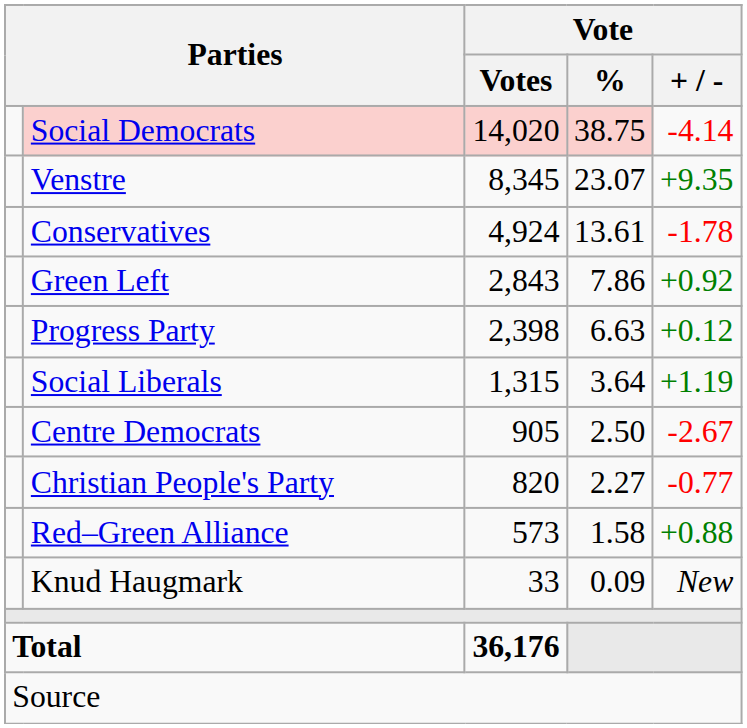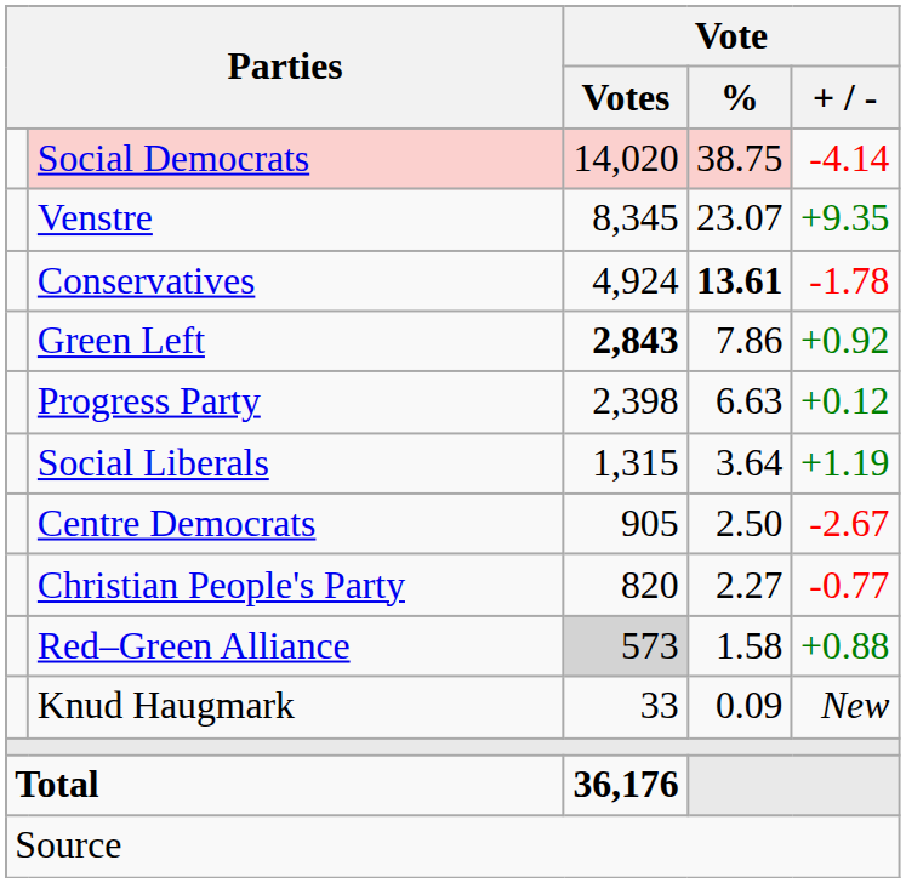 <table class="wikitable" style="text-align:right;">
 <tr>
 <th style="text-align:centre;" rowspan="2" colspan="2" width="225">Parties</th>
 <th colspan="3">Vote</th>
 </tr>
 <tr>
 <th width="15">Votes</th>
 <th width="15">%</th>
 <th width="15">+ / -</th>
 </tr>
 <tr>
 <td width="2" style="color:inherit;background:"></td>
 <td bgcolor=#fbd0ce  align="left"><a href='#'>Social Democrats</a></td>
 <td bgcolor=#fbd0ce>14,020</td>
 <td bgcolor=#fbd0ce>38.75</td>
 <td style=color:red;>-4.14</td>
 </tr>
 <tr>
 <td width="2" style="color:inherit;background:"></td>
 <td align="left"><a href='#'>Venstre</a></td>
 <td>8,345</td>
 <td>23.07</td>
 <td style=color:green;>+9.35</td>
 </tr>
 <tr>
 <td width="2" style="color:inherit;background:"></td>
 <td align="left"><a href='#'>Conservatives</a></td>
 <td>4,924</td>
-<td>13.61</td>
+<td><strong>13.61</strong></td>
 <td style=color:red;>-1.78</td>
 </tr>
 <tr>
 <td width="2" style="color:inherit;background:"></td>
 <td align="left"><a href='#'>Green Left</a></td>
-<td>2,843</td>
+<td><strong>2,843</strong></td>
 <td>7.86</td>
 <td style=color:green;>+0.92</td>
 </tr>
 <tr>
 <td width="2" style="color:inherit;background:"></td>
 <td align="left"><a href='#'>Progress Party</a></td>
 <td>2,398</td>
 <td>6.63</td>
 <td style=color:green;>+0.12</td>
 </tr>
 <tr>
 <td width="2" style="color:inherit;background:"></td>
 <td align="left"><a href='#'>Social Liberals</a></td>
 <td>1,315</td>
 <td>3.64</td>
 <td style=color:green;>+1.19</td>
 </tr>
 <tr>
 <td width="2" style="color:inherit;background:"></td>
 <td align="left"><a href='#'>Centre Democrats</a></td>
 <td>905</td>
 <td>2.50</td>
 <td style=color:red;>-2.67</td>
 </tr>
 <tr>
 <td width="2" style="color:inherit;background:"></td>
 <td align="left"><a href='#'>Christian People's Party</a></td>
 <td>820</td>
 <td>2.27</td>
 <td style=color:red;>-0.77</td>
 </tr>
 <tr>
 <td width="2" style="color:inherit;background:"></td>
 <td align="left"><a href='#'>Red–Green Alliance</a></td>
-<td>573</td>
+<td style="background: lightgrey;">573</td>
 <td>1.58</td>
 <td style=color:green;>+0.88</td>
 </tr>
 <tr>
 <td width="2" style="color:inherit;background:"></td>
 <td align="left">Knud Haugmark</td>
 <td>33</td>
 <td>0.09</td>
 <td><em>New</em></td>
 </tr>
 <tr>
 <td colspan="7" bgcolor="#E9E9E9"></td>
 </tr>
 <tr>
 <td align="left" colspan="2"><strong>Total</strong></td>
 <td><strong>36,176</strong></td>
 <td bgcolor="#E9E9E9" colspan="2"></td>
 </tr>
 <tr>
 <td align="left" colspan="6">Source</td>
 </tr>
 </table>
